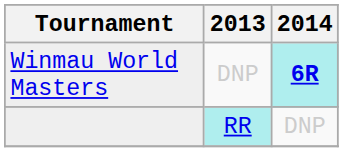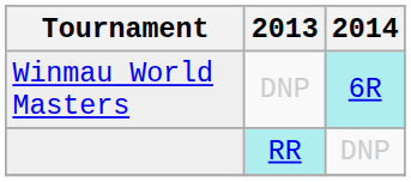 <table class="wikitable" style="width:30%; margin:0">
 <tr>
 <th>Tournament</th>
 <th>2013</th>
 <th>2014</th>
 </tr>
 <tr>
 <td style="background:#efefef;"><a href='#'>Winmau World Masters</a></td>
 <td style="text-align:center; color:#ccc;">DNP</td>
-<td style="text-align:center; background:#afeeee;"><strong><a href='#'>6R</a></strong></td>
+<td style="text-align:center; background:#afeeee;"><a href='#'>6R</a></td>
 </tr>
 <tr>
 <td style="background:#efefef;"></td>
 <td style="text-align:center; background:#afeeee;"><a href='#'>RR</a></td>
 <td style="text-align:center; color:#ccc;">DNP</td>
 </tr>
 <tr>
 </tr>
 </table>
